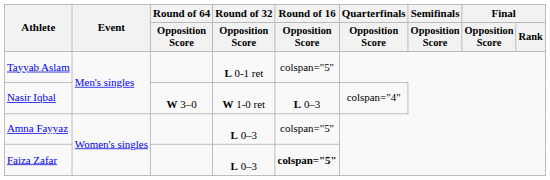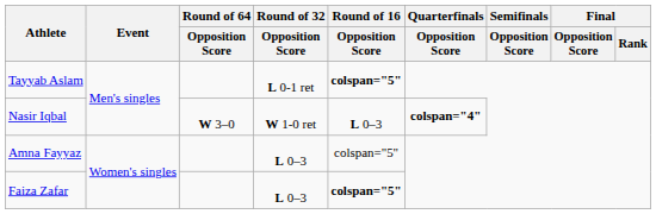 <table class=wikitable style=font-size:90%;text-align:center>
 <tr>
 <th rowspan=2>Athlete</th>
 <th rowspan=2>Event</th>
 <th>Round of 64</th>
 <th>Round of 32</th>
 <th>Round of 16</th>
 <th>Quarterfinals</th>
 <th>Semifinals</th>
 <th colspan=2>Final</th>
 </tr>
 <tr style=font-size:95%>
 <th>Opposition<br>Score</th>
 <th>Opposition<br>Score</th>
 <th>Opposition<br>Score</th>
 <th>Opposition<br>Score</th>
 <th>Opposition<br>Score</th>
 <th>Opposition<br>Score</th>
 <th>Rank</th>
 </tr>
 <tr>
 <td align=left><a href='#'>Tayyab Aslam</a></td>
 <td align=left rowspan=2><a href='#'>Men's singles</a></td>
 <td></td>
 <td><br><strong>L</strong> 0-1 ret</td>
-<td>colspan="5" </td>
+<td><strong>colspan="5" </strong></td>
 </tr>
 <tr>
 <td align=left><a href='#'>Nasir Iqbal</a></td>
 <td><br><strong>W</strong> 3–0</td>
 <td><br><strong>W</strong> 1-0 ret</td>
 <td><br><strong>L</strong> 0–3</td>
-<td>colspan="4" </td>
+<td><strong>colspan="4" </strong></td>
 </tr>
 <tr>
 <td align=left><a href='#'>Amna Fayyaz</a></td>
 <td align=left rowspan=2><a href='#'>Women's singles</a></td>
 <td></td>
 <td><br><strong>L</strong> 0–3</td>
 <td>colspan="5" </td>
 </tr>
 <tr>
 <td align=left><a href='#'>Faiza Zafar</a></td>
 <td></td>
 <td><br><strong>L</strong> 0–3</td>
 <td><strong>colspan="5" </strong></td>
 </tr>
 </table>
